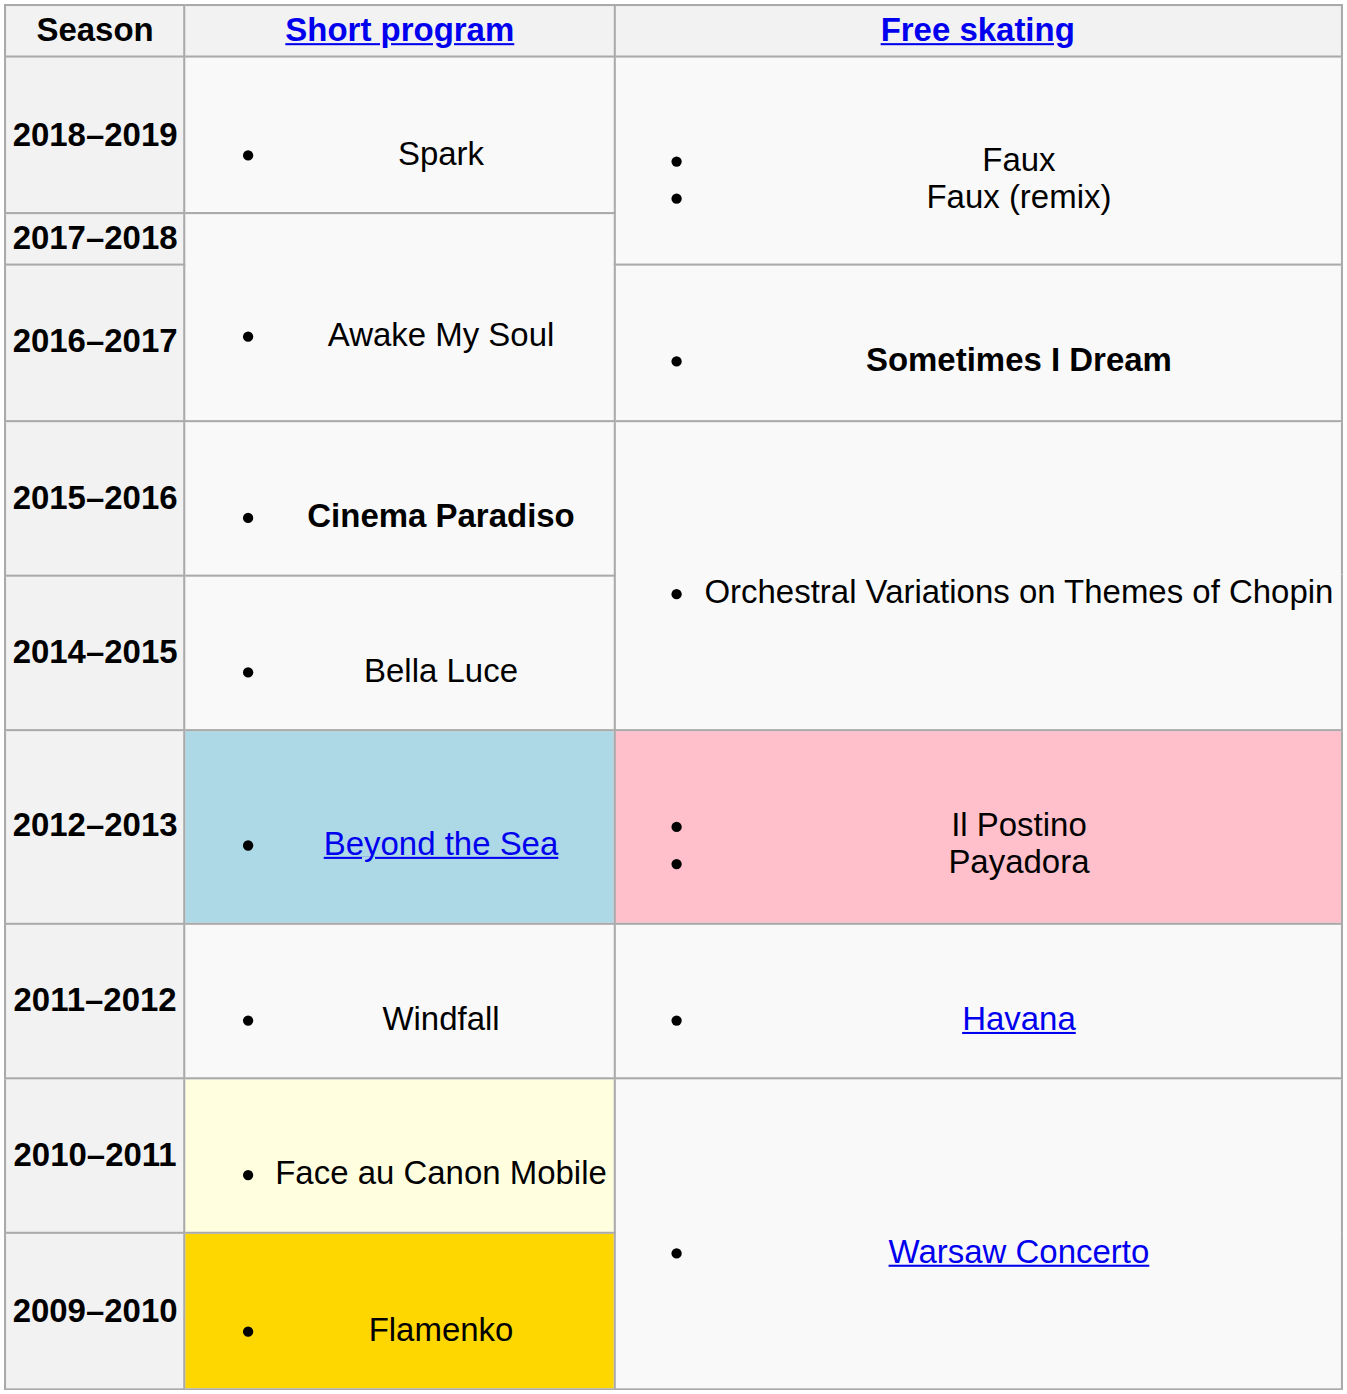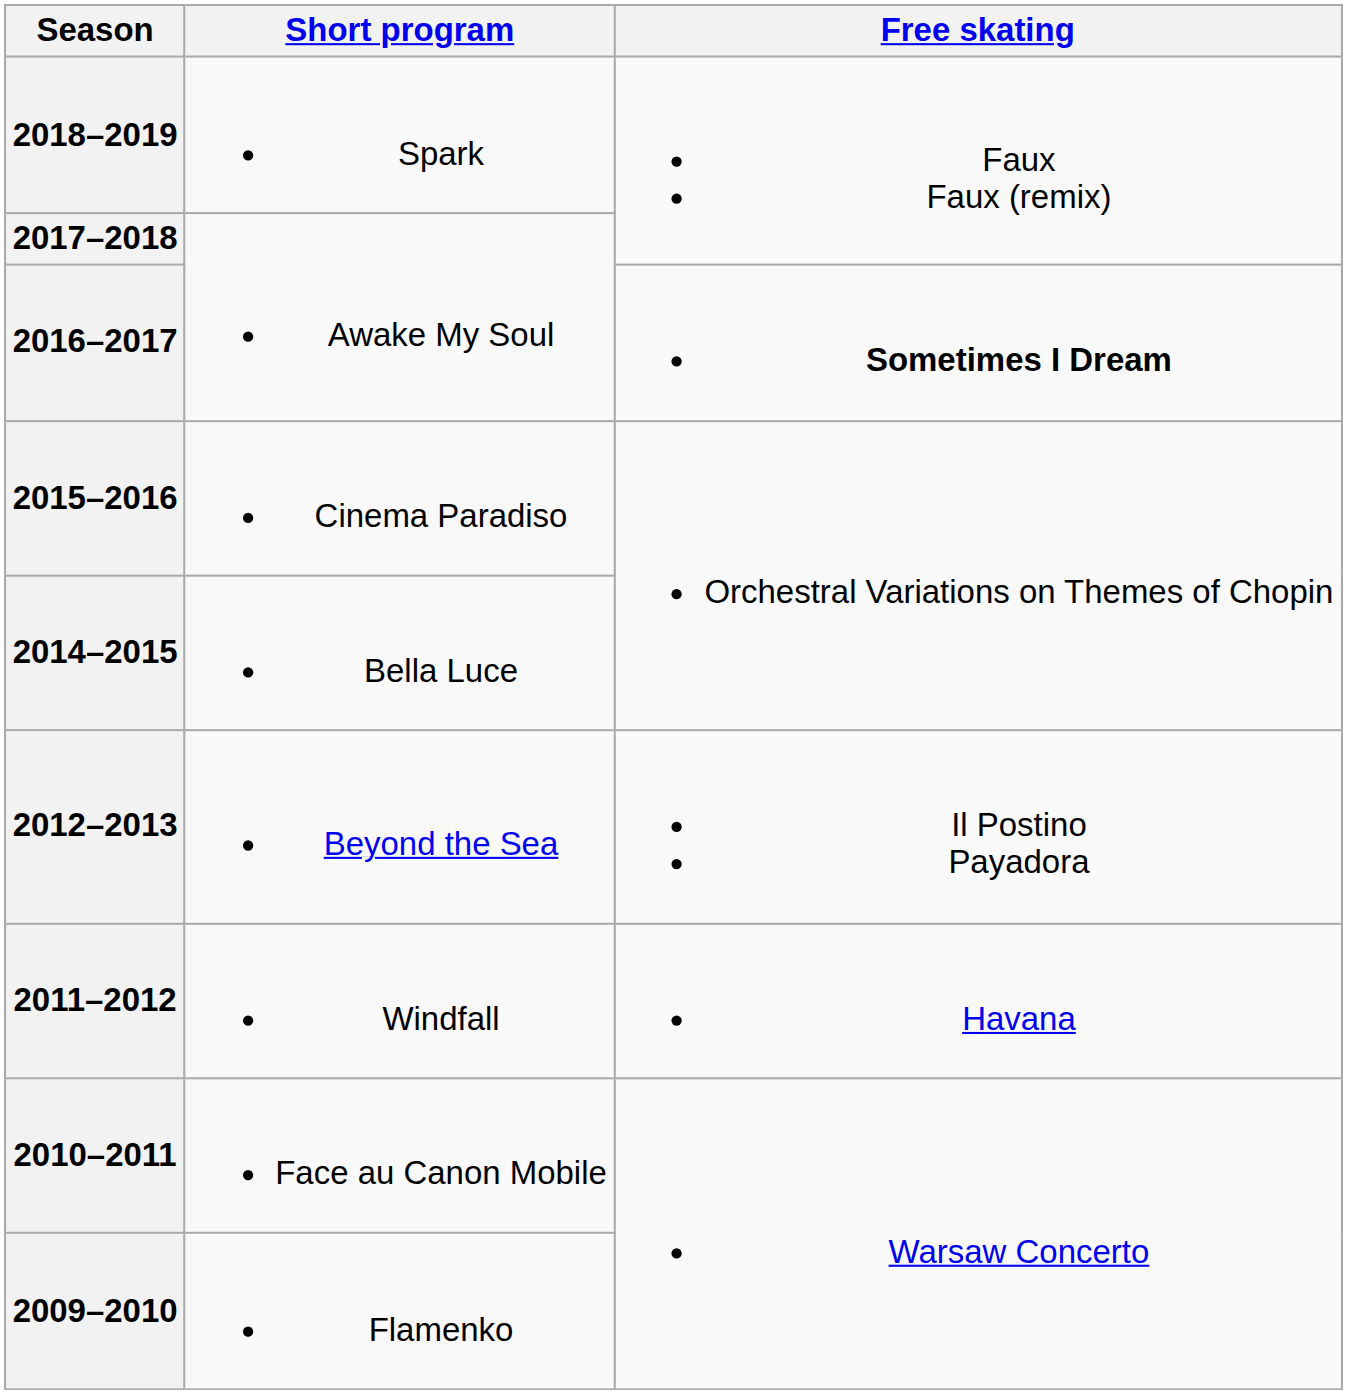 <table class="wikitable" style="text-align:center">
 <tr>
 <th>Season</th>
 <th><a href='#'>Short program</a></th>
 <th><a href='#'>Free skating</a></th>
 </tr>
 <tr>
 <th>2018–2019 <br></th>
 <td><br><ul><li>Spark <br></li></ul></td>
 <td rowspan=2><br><ul><li>Faux <br></li><li>Faux (remix) <br></li></ul></td>
 </tr>
 <tr>
 <th>2017–2018 <br> </th>
 <td rowspan=2><br><ul><li>Awake My Soul <br></li></ul></td>
 </tr>
 <tr>
 <th>2016–2017 <br> </th>
 <td><strong><br><ul><li>Sometimes I Dream <br></li></ul></strong></td>
 </tr>
 <tr>
 <th>2015–2016 <br> </th>
-<td><strong><br><ul><li>Cinema Paradiso <br></li></ul></strong></td>
+<td><br><ul><li>Cinema Paradiso <br></li></ul></td>
 <td rowspan=2><br><ul><li>Orchestral Variations on Themes of Chopin <br></li></ul></td>
 </tr>
 <tr>
 <th>2014–2015 <br> </th>
 <td><br><ul><li>Bella Luce <br></li></ul></td>
 </tr>
 <tr>
 <th>2012–2013 <br> </th>
-<td style="background: lightblue;"><br><ul><li><a href='#'>Beyond the Sea</a> <br></li></ul></td>
-<td style="background: pink;"><br><ul><li>Il Postino <br></li><li>Payadora <br></li></ul></td>
+<td><br><ul><li><a href='#'>Beyond the Sea</a> <br></li></ul></td>
+<td><br><ul><li>Il Postino <br></li><li>Payadora <br></li></ul></td>
 </tr>
 <tr>
 <th>2011–2012 <br> </th>
 <td><br><ul><li>Windfall <br></li></ul></td>
 <td><br><ul><li><a href='#'>Havana</a> <br></li></ul></td>
 </tr>
 <tr>
 <th>2010–2011 <br> </th>
-<td style="background: lightyellow;"><br><ul><li>Face au Canon Mobile <br></li></ul></td>
+<td><br><ul><li>Face au Canon Mobile <br></li></ul></td>
 <td rowspan=2><br><ul><li><a href='#'>Warsaw Concerto</a> <br></li></ul></td>
 </tr>
 <tr>
 <th>2009–2010 <br> </th>
-<td style="background: gold;"><br><ul><li>Flamenko <br></li></ul></td>
+<td><br><ul><li>Flamenko <br></li></ul></td>
 </tr>
 </table>
